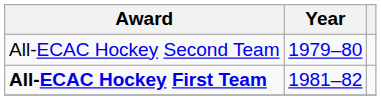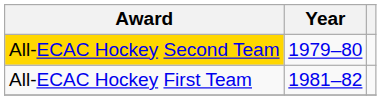 <table class="wikitable">
 <tr>
 <th>Award</th>
 <th>Year</th>
 <th></th>
 </tr>
 <tr>
-<td>All-<a href='#'>ECAC Hockey</a> <a href='#'>Second Team</a></td>
+<td style="background: gold;">All-<a href='#'>ECAC Hockey</a> <a href='#'>Second Team</a></td>
 <td><a href='#'>1979–80</a></td>
 <td></td>
 </tr>
 <tr>
-<td><strong>All-<a href='#'>ECAC Hockey</a> <a href='#'>First Team</a></strong></td>
+<td>All-<a href='#'>ECAC Hockey</a> <a href='#'>First Team</a></td>
 <td><a href='#'>1981–82</a></td>
 <td></td>
 </tr>
 <tr>
 </tr>
 </table>
